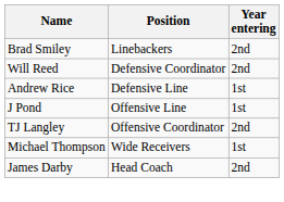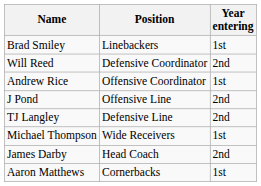 <table class= wikitable>
 <tr>
 <th width=px>Name</th>
 <th width=px>Position</th>
 <th width=px>Year<br>entering</th>
 </tr>
 <tr>
 <td>Brad Smiley</td>
 <td>Linebackers</td>
-<td>2nd</td>
+<td>1st</td>
 </tr>
 <tr>
 <td>Will Reed</td>
 <td>Defensive Coordinator</td>
 <td>2nd</td>
 </tr>
 <tr>
 <td>Andrew Rice</td>
-<td>Defensive Line</td>
+<td>Offensive Coordinator</td>
 <td>1st</td>
 </tr>
 <tr>
 <td>J Pond</td>
 <td>Offensive Line</td>
-<td>1st</td>
+<td>2nd</td>
 </tr>
 <tr>
 <td>TJ Langley</td>
-<td>Offensive Coordinator</td>
+<td>Defensive Line</td>
 <td>2nd</td>
 </tr>
 <tr>
 <td>Michael Thompson</td>
 <td>Wide Receivers</td>
 <td>1st</td>
 </tr>
 <tr>
 <td>James Darby</td>
 <td>Head Coach</td>
 <td>2nd</td>
 </tr>
+<tr>
+<td>Aaron Matthews</td>
+<td>Cornerbacks</td>
+<td>1st</td>
+</tr>
 </table>
